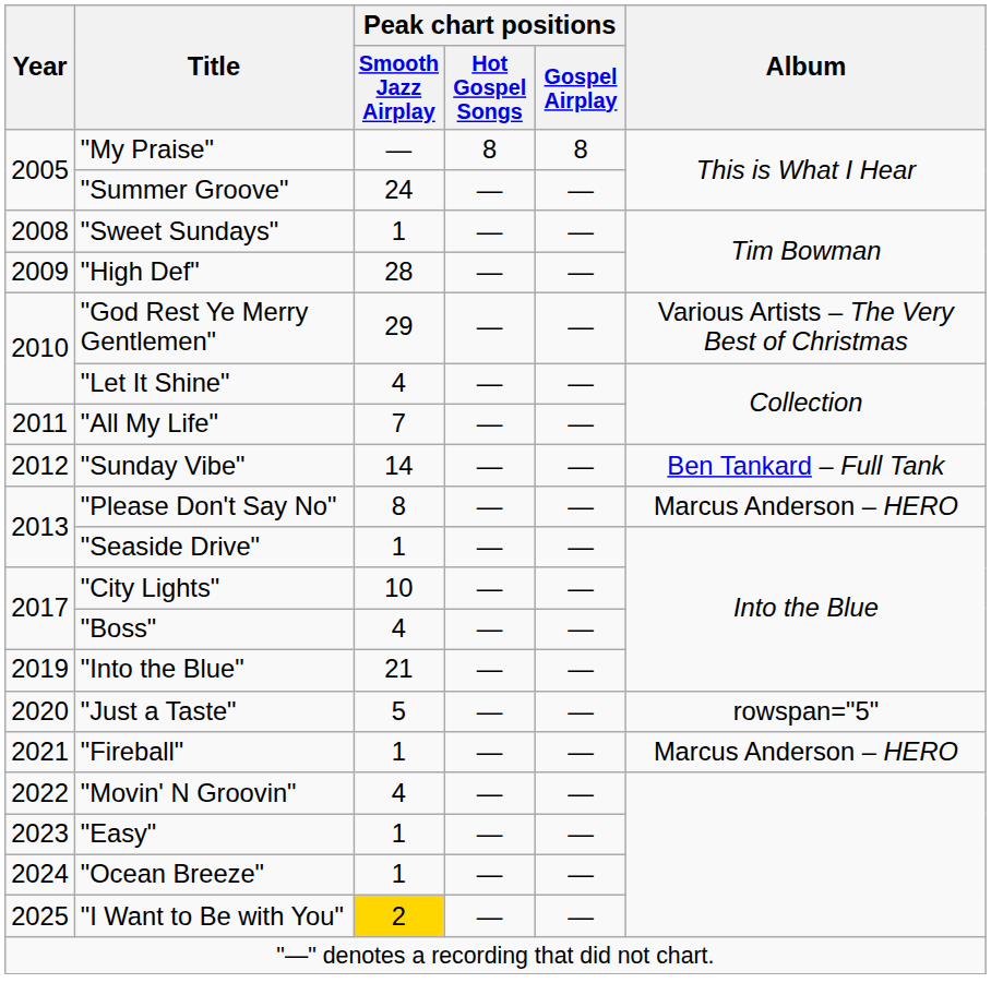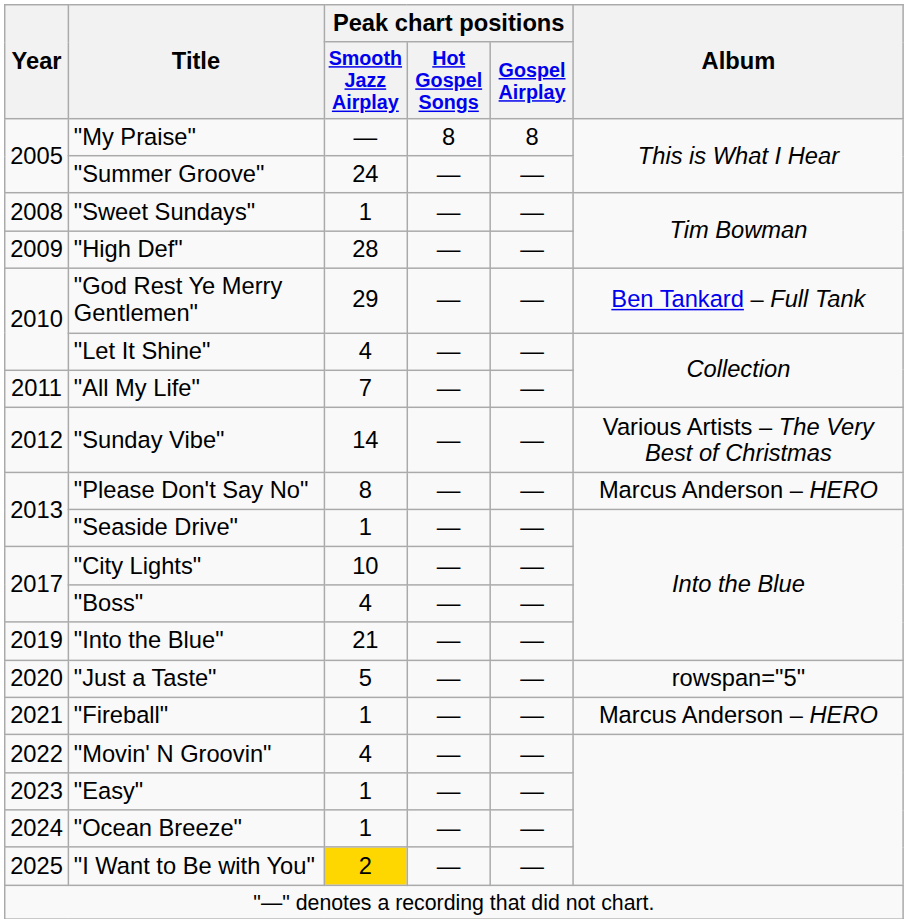 <table class="wikitable" style="text-align:center";>
 <tr>
 <th rowspan="2">Year</th>
 <th rowspan="2">Title</th>
 <th colspan="3">Peak chart positions</th>
 <th rowspan="2">Album</th>
 </tr>
 <tr style="font-size:smaller;">
 <th style="width:50px;"><a href='#'>Smooth Jazz<br>Airplay</a><br></th>
 <th style="width:50px;"><a href='#'>Hot Gospel<br>Songs</a><br></th>
 <th style="width:50px;"><a href='#'>Gospel<br>Airplay</a><br></th>
 </tr>
 <tr>
 <td rowspan="2">2005</td>
 <td align="left">"My Praise"</td>
 <td>—</td>
 <td>8</td>
 <td>8</td>
 <td rowspan="2"><em>This is What I Hear </em></td>
 </tr>
 <tr>
 <td align="left">"Summer Groove"</td>
 <td>24</td>
 <td>—</td>
 <td>—</td>
 </tr>
 <tr>
 <td>2008</td>
 <td align="left">"Sweet Sundays"</td>
 <td>1</td>
 <td>—</td>
 <td>—</td>
 <td rowspan="2"><em>Tim Bowman</em></td>
 </tr>
 <tr>
 <td>2009</td>
 <td align="left">"High Def"</td>
 <td>28</td>
 <td>—</td>
 <td>—</td>
 </tr>
 <tr>
 <td rowspan="2">2010</td>
 <td align="left">"God Rest Ye Merry Gentlemen"</td>
 <td>29</td>
 <td>—</td>
 <td>—</td>
-<td>Various Artists – <em>The Very Best of Christmas</em></td>
+<td><a href='#'>Ben Tankard</a> – <em>Full Tank</em></td>
 </tr>
 <tr>
 <td align="left">"Let It Shine"</td>
 <td>4</td>
 <td>—</td>
 <td>—</td>
 <td rowspan="2"><em>Collection</em></td>
 </tr>
 <tr>
 <td>2011</td>
 <td align="left">"All My Life"</td>
 <td>7</td>
 <td>—</td>
 <td>—</td>
 </tr>
 <tr>
 <td>2012</td>
 <td align="left">"Sunday Vibe" <br> </td>
 <td>14</td>
 <td>—</td>
 <td>—</td>
-<td><a href='#'>Ben Tankard</a> – <em>Full Tank</em></td>
+<td>Various Artists – <em>The Very Best of Christmas</em></td>
 </tr>
 <tr>
 <td rowspan="2">2013</td>
 <td align="left">"Please Don't Say No" <br> </td>
 <td>8</td>
 <td>—</td>
 <td>—</td>
 <td>Marcus Anderson – <em>HERO</em></td>
 </tr>
 <tr>
 <td align="left">"Seaside Drive"</td>
 <td>1</td>
 <td>—</td>
 <td>—</td>
 <td rowspan="4"><em>Into the Blue</em></td>
 </tr>
 <tr>
 <td rowspan="2">2017</td>
 <td align="left">"City Lights"</td>
 <td>10</td>
 <td>—</td>
 <td>—</td>
 </tr>
 <tr>
 <td align="left">"Boss"</td>
 <td>4</td>
 <td>—</td>
 <td>—</td>
 </tr>
 <tr>
 <td>2019</td>
 <td align="left">"Into the Blue"</td>
 <td>21</td>
 <td>—</td>
 <td>—</td>
 </tr>
 <tr>
 <td>2020</td>
 <td align="left">"Just a Taste" <br> </td>
 <td>5</td>
 <td>—</td>
 <td>—</td>
 <td>rowspan="5" </td>
 </tr>
 <tr>
 <td>2021</td>
 <td align="left">"Fireball"</td>
 <td>1</td>
 <td>—</td>
 <td>—</td>
 <td>Marcus Anderson – <em>HERO</em></td>
 </tr>
 <tr>
 <td>2022</td>
 <td align="left">"Movin' N Groovin" <br> </td>
 <td>4</td>
 <td>—</td>
 <td>—</td>
 </tr>
 <tr>
 <td>2023</td>
 <td align="left">"Easy"</td>
 <td>1</td>
 <td>—</td>
 <td>—</td>
 </tr>
 <tr>
 <td>2024</td>
 <td align="left">"Ocean Breeze"</td>
 <td>1</td>
 <td>—</td>
 <td>—</td>
 </tr>
 <tr>
 <td>2025</td>
 <td align="left">"I Want to Be with You"</td>
 <td style="background: gold;">2</td>
 <td>—</td>
 <td>—</td>
 </tr>
 <tr>
 <td colspan="6" style="font-size:90%">"—" denotes a recording that did not chart.</td>
 </tr>
 <tr>
 </tr>
 </table>
